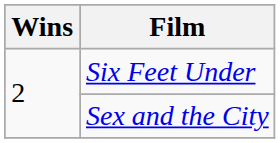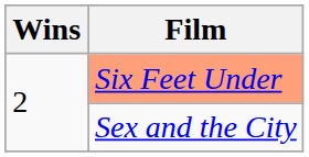 <table class="wikitable">
 <tr>
 <th>Wins</th>
 <th>Film</th>
 </tr>
 <tr>
 <td rowspan="2">2</td>
-<td><em><a href='#'>Six Feet Under</a></em></td>
+<td style="background: lightsalmon;"><em><a href='#'>Six Feet Under</a></em></td>
 </tr>
 <tr>
 <td><em><a href='#'>Sex and the City</a></em></td>
 </tr>
 </table>
